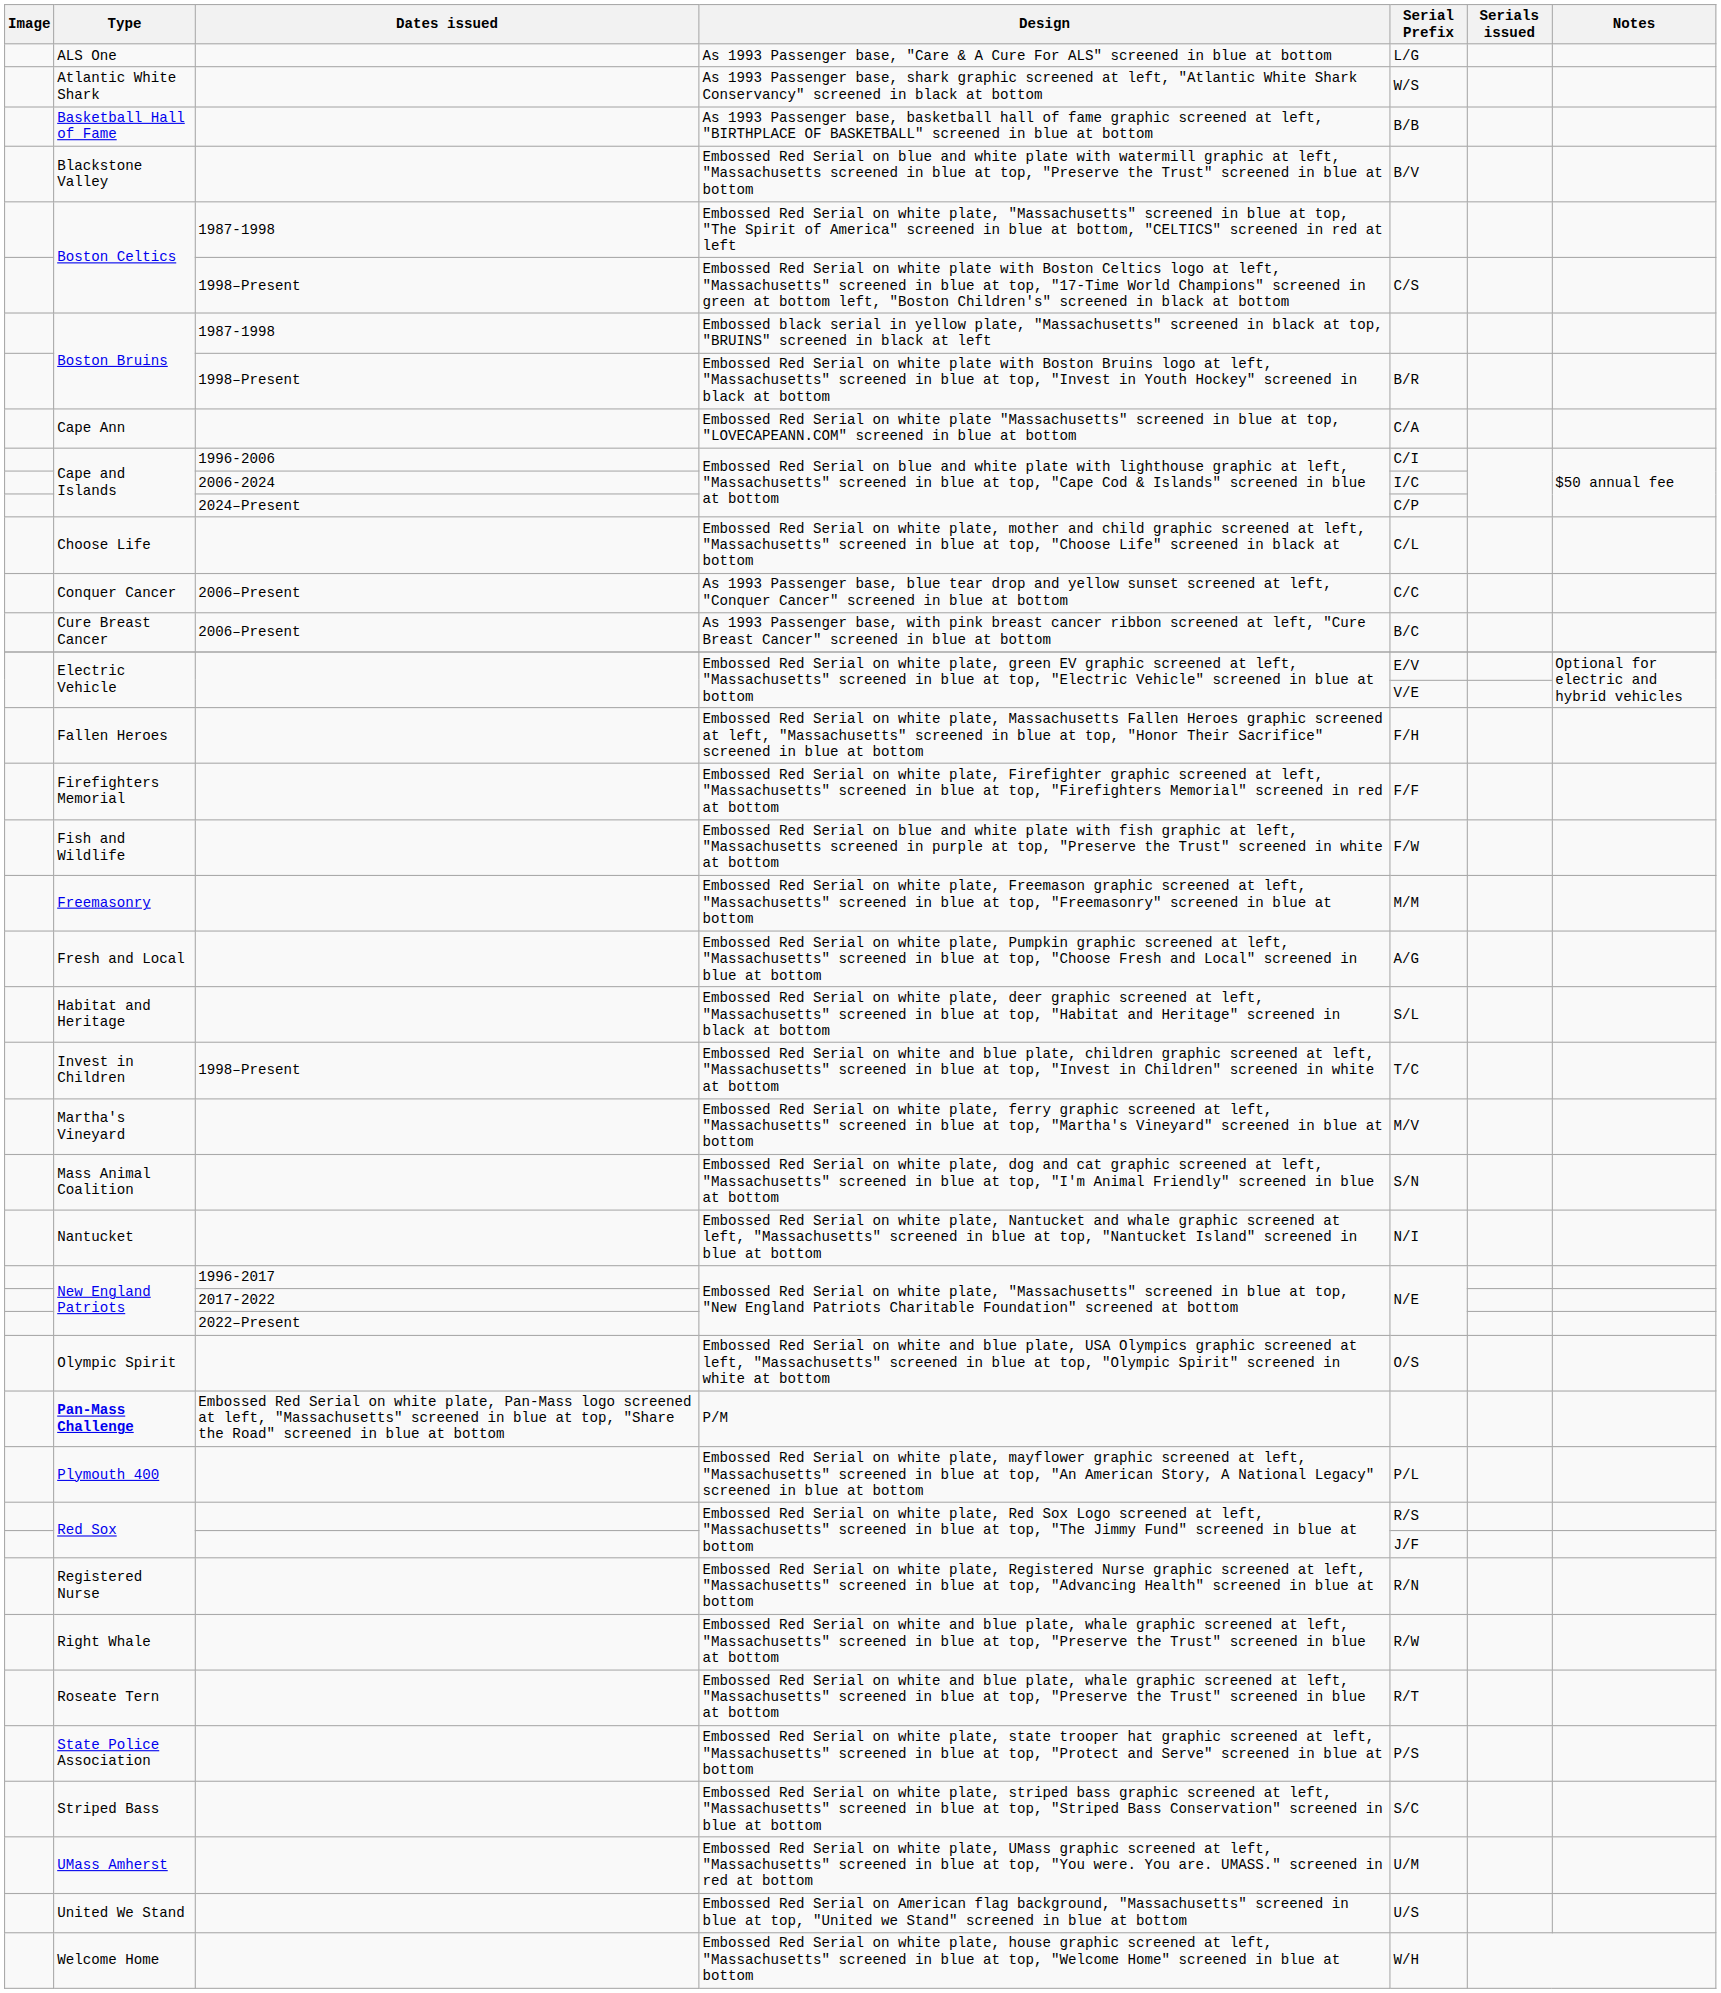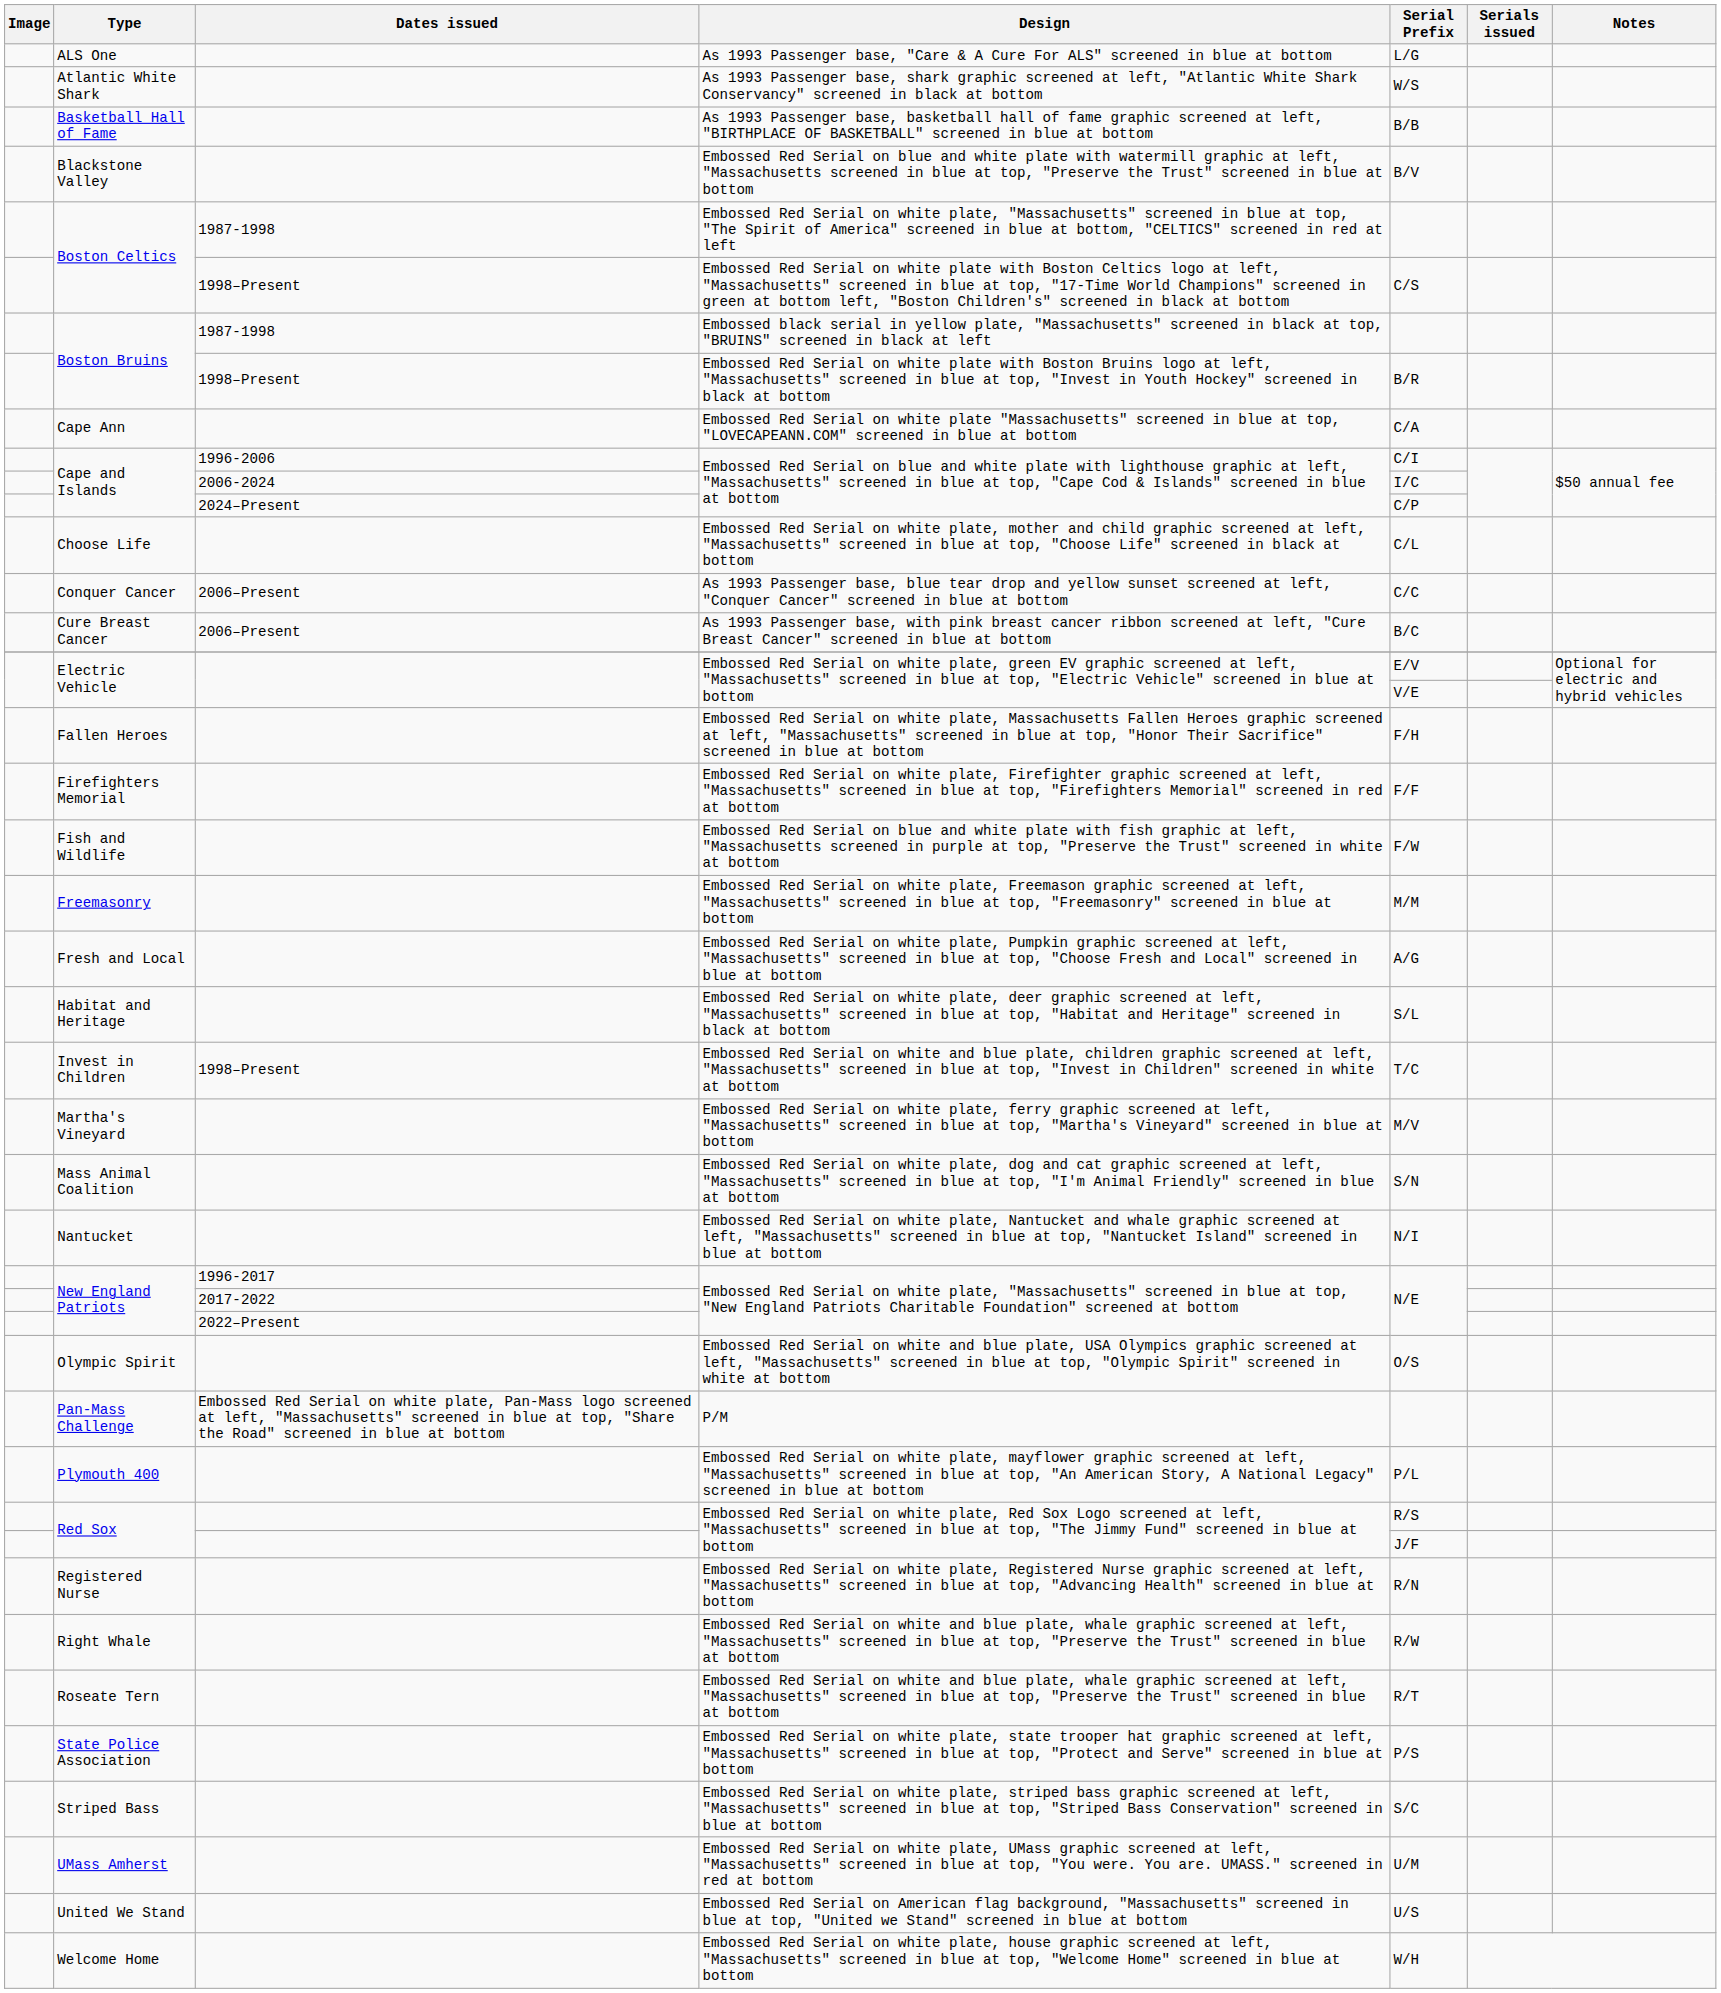 <table class="wikitable">
 <tr>
 <th>Image</th>
 <th>Type</th>
 <th>Dates issued</th>
 <th>Design</th>
 <th>Serial Prefix</th>
 <th>Serials issued</th>
 <th>Notes</th>
 </tr>
 <tr>
 <td></td>
 <td>ALS One</td>
 <td></td>
 <td>As 1993 Passenger base,  "Care & A Cure For ALS" screened in blue at bottom</td>
 <td>L/G</td>
 <td></td>
 <td></td>
 </tr>
 <tr>
 <td></td>
 <td>Atlantic White Shark</td>
 <td></td>
 <td>As 1993 Passenger base,  shark graphic screened at left, "Atlantic White Shark Conservancy" screened in black at bottom</td>
 <td>W/S</td>
 <td></td>
 <td></td>
 </tr>
 <tr>
 <td></td>
 <td><a href='#'>Basketball Hall of Fame</a></td>
 <td></td>
 <td>As 1993 Passenger base, basketball hall of fame graphic screened at left, "BIRTHPLACE OF BASKETBALL" screened in blue at bottom</td>
 <td>B/B</td>
 <td></td>
 <td></td>
 </tr>
 <tr>
 <td></td>
 <td>Blackstone Valley</td>
 <td></td>
 <td>Embossed Red Serial on blue and white plate with watermill graphic at left, "Massachusetts screened in blue at top, "Preserve the Trust" screened in blue at bottom</td>
 <td>B/V</td>
 <td></td>
 <td></td>
 </tr>
 <tr>
 <td></td>
 <td rowspan="2"><a href='#'>Boston Celtics</a></td>
 <td>1987-1998</td>
 <td>Embossed Red Serial on white plate, "Massachusetts" screened in blue at top, "The Spirit of America" screened in blue at bottom, "CELTICS" screened in red at left</td>
 <td></td>
 <td></td>
 <td></td>
 </tr>
 <tr>
 <td></td>
 <td>1998–Present</td>
 <td>Embossed Red Serial on white plate with Boston Celtics logo at left, "Massachusetts" screened in blue at top, "17-Time World Champions" screened in green at bottom left, "Boston Children's" screened in black at bottom</td>
 <td>C/S</td>
 <td></td>
 <td></td>
 </tr>
 <tr>
 <td></td>
 <td rowspan="2"><a href='#'>Boston Bruins</a></td>
 <td>1987-1998</td>
 <td>Embossed black serial in yellow plate, "Massachusetts" screened in black at top, "BRUINS" screened in black at left</td>
 <td></td>
 <td></td>
 <td></td>
 </tr>
 <tr>
 <td></td>
 <td>1998–Present</td>
 <td>Embossed Red Serial on white plate with Boston Bruins logo at left, "Massachusetts" screened in blue at top, "Invest in Youth Hockey" screened in black at bottom</td>
 <td>B/R</td>
 <td></td>
 <td></td>
 </tr>
 <tr>
 <td></td>
 <td>Cape Ann</td>
 <td></td>
 <td>Embossed Red Serial on white plate "Massachusetts" screened in blue at top, "LOVECAPEANN.COM" screened in blue at bottom</td>
 <td>C/A</td>
 <td></td>
 <td></td>
 </tr>
 <tr>
 <td></td>
 <td rowspan="3">Cape and Islands</td>
 <td>1996-2006</td>
 <td rowspan="3">Embossed Red Serial on blue and white plate with lighthouse graphic at left, "Massachusetts" screened in blue at top, "Cape Cod & Islands" screened in blue at bottom</td>
 <td>C/I</td>
 <td rowspan="3"></td>
 <td rowspan="3">$50 annual fee</td>
 </tr>
 <tr>
 <td></td>
 <td>2006-2024</td>
 <td>I/C</td>
 </tr>
 <tr>
 <td></td>
 <td>2024–Present</td>
 <td>C/P</td>
 </tr>
 <tr>
 <td></td>
 <td>Choose Life</td>
 <td></td>
 <td>Embossed Red Serial on white plate, mother and child graphic screened at left, "Massachusetts" screened in blue at top, "Choose Life" screened in black at bottom</td>
 <td>C/L</td>
 <td></td>
 <td></td>
 </tr>
 <tr>
 <td></td>
 <td>Conquer Cancer</td>
 <td>2006–Present</td>
 <td>As 1993 Passenger base, blue tear drop and yellow sunset screened at left, "Conquer Cancer" screened in blue at bottom</td>
 <td>C/C</td>
 <td></td>
 <td></td>
 </tr>
 <tr>
 <td></td>
 <td>Cure Breast Cancer</td>
 <td>2006–Present</td>
 <td>As 1993 Passenger base, with pink breast cancer ribbon screened at left, "Cure Breast Cancer" screened in blue at bottom</td>
 <td>B/C</td>
 <td></td>
 <td></td>
 </tr>
 <tr>
 </tr>
 <tr>
 <td rowspan="2"></td>
 <td rowspan="2">Electric Vehicle</td>
 <td rowspan="2"></td>
 <td rowspan="2">Embossed Red Serial on white plate, green EV graphic screened at left, "Massachusetts" screened in blue at top, "Electric Vehicle" screened in blue at bottom</td>
 <td>E/V</td>
 <td></td>
 <td rowspan="2">Optional for electric and hybrid vehicles</td>
 </tr>
 <tr>
 <td>V/E</td>
 <td></td>
 </tr>
 <tr>
 <td></td>
 <td>Fallen Heroes</td>
 <td></td>
 <td>Embossed Red Serial on white plate, Massachusetts Fallen Heroes graphic screened at left, "Massachusetts" screened in blue at top, "Honor Their Sacrifice" screened in blue at bottom</td>
 <td>F/H</td>
 <td></td>
 <td></td>
 </tr>
 <tr>
 <td></td>
 <td>Firefighters Memorial</td>
 <td></td>
 <td>Embossed Red Serial on white plate, Firefighter graphic screened at left, "Massachusetts" screened in blue at top, "Firefighters Memorial" screened in red at bottom</td>
 <td>F/F</td>
 <td></td>
 <td></td>
 </tr>
 <tr>
 <td></td>
 <td>Fish and Wildlife</td>
 <td></td>
 <td>Embossed Red Serial on blue and white plate with fish graphic at left, "Massachusetts screened in purple at top, "Preserve the Trust" screened in white at bottom</td>
 <td>F/W</td>
 <td></td>
 <td></td>
 </tr>
 <tr>
 <td></td>
 <td><a href='#'>Freemasonry</a></td>
 <td></td>
 <td>Embossed Red Serial on white plate, Freemason graphic screened at left, "Massachusetts" screened in blue at top, "Freemasonry" screened in blue at bottom</td>
 <td>M/M</td>
 <td></td>
 <td></td>
 </tr>
 <tr>
 <td></td>
 <td>Fresh and Local</td>
 <td></td>
 <td>Embossed Red Serial on white plate, Pumpkin graphic screened at left, "Massachusetts" screened in blue at top, "Choose Fresh and Local" screened in blue at bottom</td>
 <td>A/G</td>
 <td></td>
 <td></td>
 </tr>
 <tr>
 <td></td>
 <td>Habitat and Heritage</td>
 <td></td>
 <td>Embossed Red Serial on white plate, deer graphic screened at left, "Massachusetts" screened in blue at top, "Habitat and Heritage" screened in black at bottom</td>
 <td>S/L</td>
 <td></td>
 <td></td>
 </tr>
 <tr>
 <td></td>
 <td>Invest in Children</td>
 <td>1998–Present</td>
 <td>Embossed Red Serial on white and blue plate, children graphic screened at left, "Massachusetts" screened in blue at top, "Invest in Children" screened in white at bottom</td>
 <td>T/C</td>
 <td></td>
 <td></td>
 </tr>
 <tr>
 <td></td>
 <td>Martha's Vineyard</td>
 <td></td>
 <td>Embossed Red Serial on white plate, ferry graphic screened at left, "Massachusetts" screened in blue at top, "Martha's Vineyard" screened in blue at bottom</td>
 <td>M/V</td>
 <td></td>
 <td></td>
 </tr>
 <tr>
 <td></td>
 <td>Mass Animal Coalition</td>
 <td></td>
 <td>Embossed Red Serial on white plate, dog and cat graphic screened at left, "Massachusetts" screened in blue at top, "I'm Animal Friendly" screened in blue at bottom</td>
 <td>S/N</td>
 <td></td>
 <td></td>
 </tr>
 <tr>
 <td></td>
 <td>Nantucket</td>
 <td></td>
 <td>Embossed Red Serial on white plate, Nantucket and whale graphic screened at left, "Massachusetts" screened in blue at top, "Nantucket Island" screened in blue at bottom</td>
 <td>N/I</td>
 <td></td>
 <td></td>
 </tr>
 <tr>
 <td></td>
 <td rowspan="3"><a href='#'>New England Patriots</a></td>
 <td>1996-2017</td>
 <td rowspan="3">Embossed Red Serial on white plate, "Massachusetts" screened in blue at top, "New England Patriots Charitable Foundation" screened at bottom</td>
 <td rowspan="3">N/E</td>
 <td></td>
 <td></td>
 </tr>
 <tr>
 <td></td>
 <td>2017-2022</td>
 <td></td>
 <td></td>
 </tr>
 <tr>
 <td></td>
 <td>2022–Present</td>
 <td></td>
 <td></td>
 </tr>
 <tr>
 <td></td>
 <td>Olympic Spirit</td>
 <td></td>
 <td>Embossed Red Serial on white and blue plate, USA Olympics graphic screened at left, "Massachusetts" screened in blue at top, "Olympic Spirit" screened in white at bottom</td>
 <td>O/S</td>
 <td></td>
 <td></td>
 </tr>
 <tr>
 <td></td>
-<td><strong><a href='#'>Pan-Mass Challenge</a></strong></td>
+<td><a href='#'>Pan-Mass Challenge</a></td>
 <td>Embossed Red Serial on white plate, Pan-Mass logo screened at left, "Massachusetts" screened in blue at top, "Share the Road" screened in blue at bottom</td>
 <td>P/M</td>
 <td></td>
 <td></td>
 </tr>
 <tr>
 <td></td>
 <td><a href='#'>Plymouth 400</a></td>
 <td></td>
 <td>Embossed Red Serial on white plate, mayflower graphic screened at left, "Massachusetts" screened in blue at top, "An American Story, A National Legacy" screened in blue at bottom</td>
 <td>P/L</td>
 <td></td>
 <td></td>
 </tr>
 <tr>
 <td></td>
 <td rowspan="2"><a href='#'>Red Sox</a></td>
 <td></td>
 <td rowspan="2">Embossed Red Serial on white plate, Red Sox Logo screened at left, "Massachusetts" screened in blue at top, "The Jimmy Fund" screened in blue at bottom</td>
 <td>R/S</td>
 <td></td>
 <td></td>
 </tr>
 <tr>
 <td></td>
 <td></td>
 <td>J/F</td>
 <td></td>
 <td></td>
 </tr>
 <tr>
 <td></td>
 <td>Registered Nurse</td>
 <td></td>
 <td>Embossed Red Serial on white plate, Registered Nurse graphic screened at left, "Massachusetts" screened in blue at top, "Advancing Health" screened in blue at bottom</td>
 <td>R/N</td>
 <td></td>
 <td></td>
 </tr>
 <tr>
 <td></td>
 <td>Right Whale</td>
 <td></td>
 <td>Embossed Red Serial on white and blue plate, whale graphic screened at left, "Massachusetts" screened in blue at top, "Preserve the Trust" screened in blue at bottom</td>
 <td>R/W</td>
 <td></td>
 <td></td>
 </tr>
 <tr>
 <td></td>
 <td>Roseate Tern</td>
 <td></td>
 <td>Embossed Red Serial on white and blue plate, whale graphic screened at left, "Massachusetts" screened in blue at top, "Preserve the Trust" screened in blue at bottom</td>
 <td>R/T</td>
 <td></td>
 <td></td>
 </tr>
 <tr>
 <td></td>
 <td><a href='#'>State Police</a> Association</td>
 <td></td>
 <td>Embossed Red Serial on white plate, state trooper hat graphic screened at left, "Massachusetts" screened in blue at top, "Protect and Serve" screened in blue at bottom</td>
 <td>P/S</td>
 <td></td>
 <td></td>
 </tr>
 <tr>
 <td></td>
 <td>Striped Bass</td>
 <td></td>
 <td>Embossed Red Serial on white plate, striped bass graphic screened at left, "Massachusetts" screened in blue at top, "Striped Bass Conservation" screened in blue at bottom</td>
 <td>S/C</td>
 <td></td>
 <td></td>
 </tr>
 <tr>
 <td></td>
 <td><a href='#'>UMass Amherst</a></td>
 <td></td>
 <td>Embossed Red Serial on white plate, UMass graphic screened at left, "Massachusetts" screened in blue at top, "You were. You are. UMASS." screened in red at bottom</td>
 <td>U/M</td>
 <td></td>
 <td></td>
 </tr>
 <tr>
 <td></td>
 <td>United We Stand</td>
 <td></td>
 <td>Embossed Red Serial on American flag background,  "Massachusetts" screened in blue at top, "United we Stand" screened in blue at bottom</td>
 <td>U/S</td>
 <td></td>
 <td></td>
 </tr>
 <tr>
 <td></td>
 <td>Welcome Home</td>
 <td></td>
 <td>Embossed Red Serial on white plate, house graphic screened at left, "Massachusetts" screened in blue at top, "Welcome Home" screened in blue at bottom</td>
 <td>W/H</td>
 </tr>
 </table>
